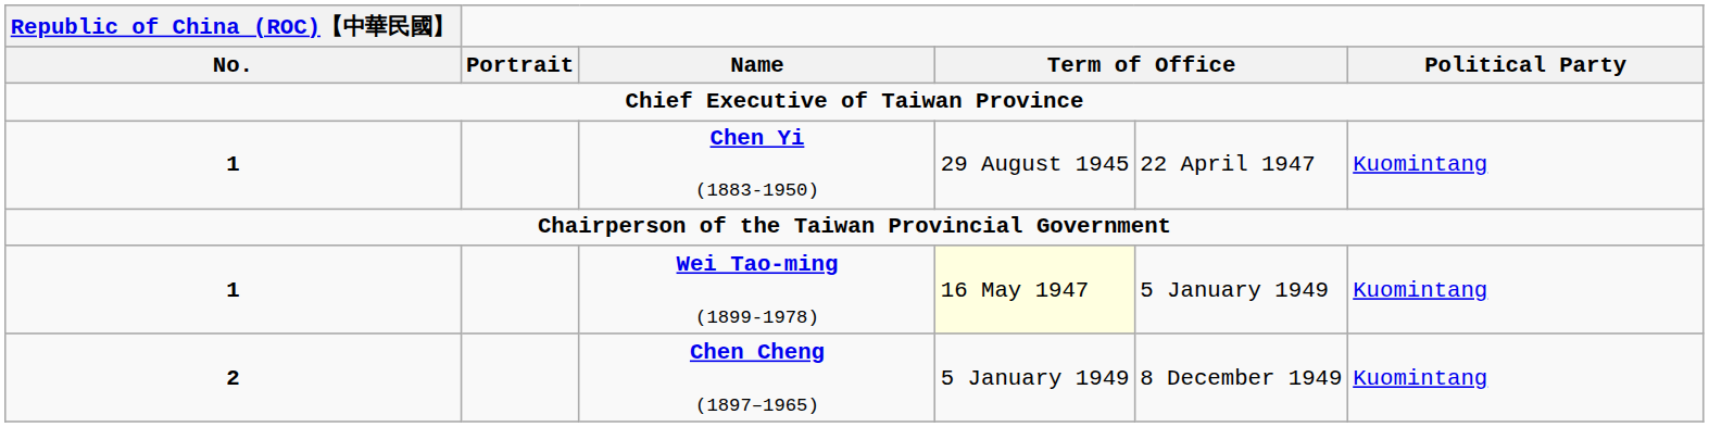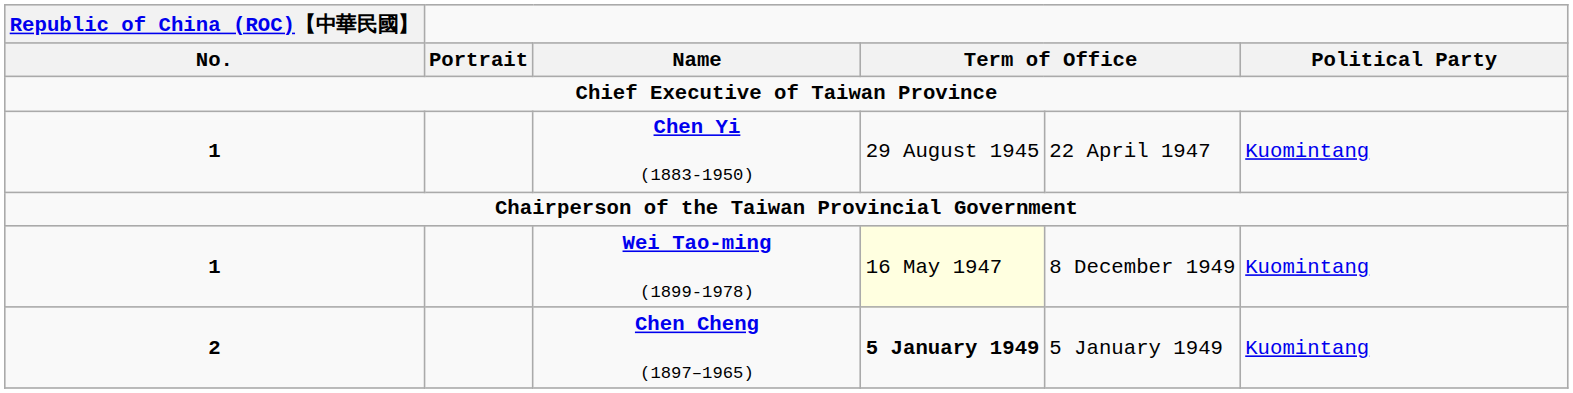 <table class=wikitable>
 <tr>
 <th align=center style="background:"> <a href='#'><span>Republic of China (ROC)</span></a>【中華民國】</th>
 </tr>
 <tr>
 <th align=center style="background:">No.</th>
 <th>Portrait</th>
 <th width=200px>Name<br><small></small></th>
 <th colspan="2">Term of Office</th>
 <th width=200>Political Party</th>
 </tr>
 <tr>
 <td align=center colspan=6><strong>Chief Executive of Taiwan Province</strong></td>
 </tr>
 <tr>
 <td align=center style="background:"><strong>1</strong></td>
 <td align=center></td>
 <td align=center><strong><a href='#'>Chen Yi</a></strong><br><br><small>(1883-1950)</small></td>
 <td>29 August 1945</td>
 <td>22 April 1947</td>
 <td><a href='#'>Kuomintang</a></td>
 </tr>
 <tr>
 <td align=center colspan=6><strong>Chairperson of the Taiwan Provincial Government</strong></td>
 </tr>
 <tr>
 <td align=center style="background:"><strong>1</strong></td>
 <td align=center></td>
 <td align=center><strong><a href='#'>Wei Tao-ming</a></strong><br><br><small>(1899-1978)</small></td>
 <td style="background: lightyellow;">16 May 1947</td>
-<td>5 January 1949</td>
+<td>8 December 1949</td>
 <td><a href='#'>Kuomintang</a></td>
 </tr>
 <tr>
 <td align=center style="background:"><strong>2</strong></td>
 <td align=center></td>
 <td align=center><strong><a href='#'>Chen Cheng</a></strong><br><br><small>(1897–1965)</small></td>
+<td><strong>5 January 1949</strong></td>
 <td>5 January 1949</td>
-<td>8 December 1949</td>
 <td><a href='#'>Kuomintang</a></td>
 </tr>
 </table>
